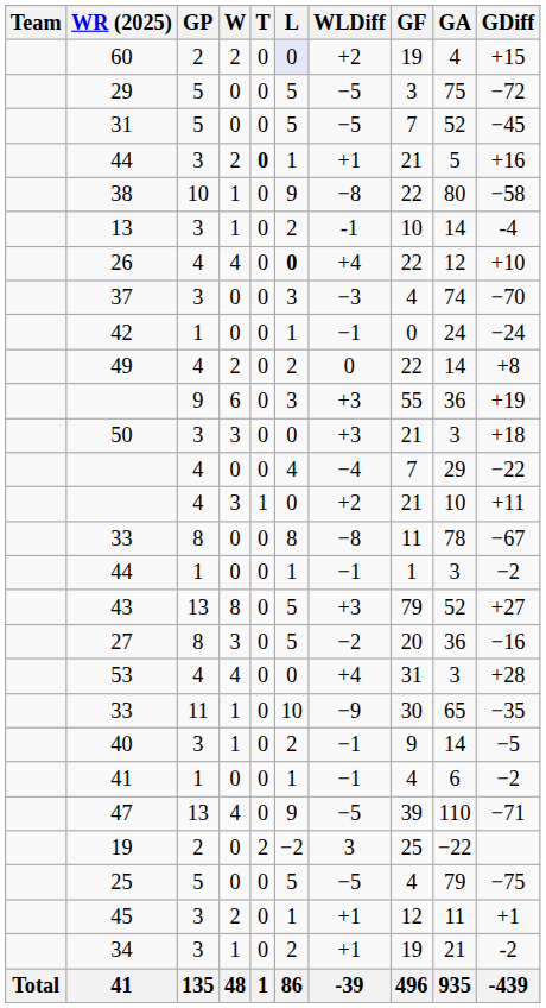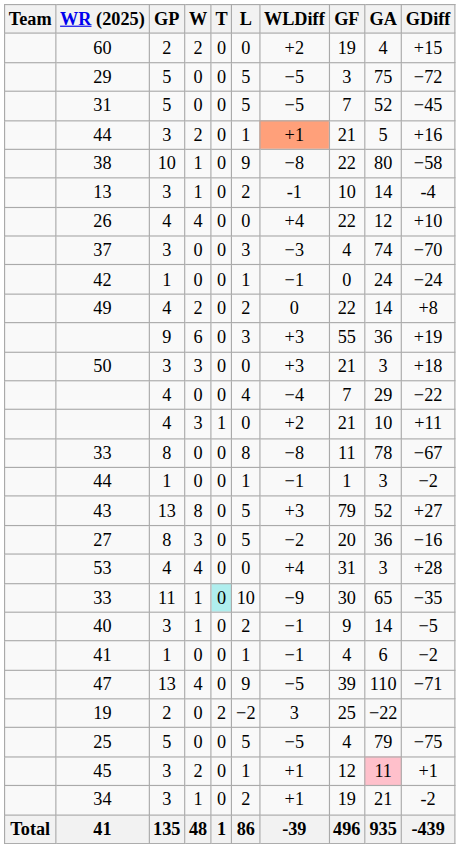 <table class="wikitable sortable">
 <tr>
 <th>Team</th>
 <th><a href='#'>WR</a> (2025)</th>
 <th>GP</th>
 <th>W</th>
 <th>T</th>
 <th>L</th>
 <th>WLDiff</th>
 <th>GF</th>
 <th>GA</th>
 <th>GDiff</th>
 </tr>
 <tr align=center>
 <td align=left></td>
 <td>60</td>
 <td>2</td>
 <td>2</td>
 <td>0</td>
-<td style="background: lavender;">0</td>
+<td>0</td>
 <td>+2</td>
 <td>19</td>
 <td>4</td>
 <td>+15</td>
 </tr>
 <tr align=center>
 <td align=left></td>
 <td>29</td>
 <td>5</td>
 <td>0</td>
 <td>0</td>
 <td>5</td>
 <td>−5</td>
 <td>3</td>
 <td>75</td>
 <td>−72</td>
 </tr>
 <tr align=center>
 <td align=left></td>
 <td>31</td>
 <td>5</td>
 <td>0</td>
 <td>0</td>
 <td>5</td>
 <td>−5</td>
 <td>7</td>
 <td>52</td>
 <td>−45</td>
 </tr>
 <tr align=center>
 <td align=left></td>
 <td>44</td>
 <td>3</td>
 <td>2</td>
-<td><strong>0</strong></td>
+<td>0</td>
 <td>1</td>
-<td>+1</td>
+<td style="background: lightsalmon;">+1</td>
 <td>21</td>
 <td>5</td>
 <td>+16</td>
 </tr>
 <tr align=center>
 <td align=left></td>
 <td>38</td>
 <td>10</td>
 <td>1</td>
 <td>0</td>
 <td>9</td>
 <td>−8</td>
 <td>22</td>
 <td>80</td>
 <td>−58</td>
 </tr>
 <tr align=center>
 <td align=left></td>
 <td>13</td>
 <td>3</td>
 <td>1</td>
 <td>0</td>
 <td>2</td>
 <td>-1</td>
 <td>10</td>
 <td>14</td>
 <td>-4</td>
 </tr>
 <tr align=center>
 <td align=left></td>
 <td>26</td>
 <td>4</td>
 <td>4</td>
 <td>0</td>
-<td><strong>0</strong></td>
+<td>0</td>
 <td>+4</td>
 <td>22</td>
 <td>12</td>
 <td>+10</td>
 </tr>
 <tr align=center>
 <td align=left></td>
 <td>37</td>
 <td>3</td>
 <td>0</td>
 <td>0</td>
 <td>3</td>
 <td>−3</td>
 <td>4</td>
 <td>74</td>
 <td>−70</td>
 </tr>
 <tr align=center>
 <td align=left></td>
 <td>42</td>
 <td>1</td>
 <td>0</td>
 <td>0</td>
 <td>1</td>
 <td>−1</td>
 <td>0</td>
 <td>24</td>
 <td>−24</td>
 </tr>
 <tr align=center>
 <td align=left></td>
 <td>49</td>
 <td>4</td>
 <td>2</td>
 <td>0</td>
 <td>2</td>
 <td>0</td>
 <td>22</td>
 <td>14</td>
 <td>+8</td>
 </tr>
 <tr align=center>
 <td align=left></td>
 <td></td>
 <td>9</td>
 <td>6</td>
 <td>0</td>
 <td>3</td>
 <td>+3</td>
 <td>55</td>
 <td>36</td>
 <td>+19</td>
 </tr>
 <tr align=center>
 <td align=left></td>
 <td>50</td>
 <td>3</td>
 <td>3</td>
 <td>0</td>
 <td>0</td>
 <td>+3</td>
 <td>21</td>
 <td>3</td>
 <td>+18</td>
 </tr>
 <tr align=center>
 <td align=left></td>
 <td></td>
 <td>4</td>
 <td>0</td>
 <td>0</td>
 <td>4</td>
 <td>−4</td>
 <td>7</td>
 <td>29</td>
 <td>−22</td>
 </tr>
 <tr align=center>
 <td align=left></td>
 <td></td>
 <td>4</td>
 <td>3</td>
 <td>1</td>
 <td>0</td>
 <td>+2</td>
 <td>21</td>
 <td>10</td>
 <td>+11</td>
 </tr>
 <tr align=center>
 <td align=left></td>
 <td>33</td>
 <td>8</td>
 <td>0</td>
 <td>0</td>
 <td>8</td>
 <td>−8</td>
 <td>11</td>
 <td>78</td>
 <td>−67</td>
 </tr>
 <tr align=center>
 <td align=left></td>
 <td>44</td>
 <td>1</td>
 <td>0</td>
 <td>0</td>
 <td>1</td>
 <td>−1</td>
 <td>1</td>
 <td>3</td>
 <td>−2</td>
 </tr>
 <tr align=center>
 <td align=left></td>
 <td>43</td>
 <td>13</td>
 <td>8</td>
 <td>0</td>
 <td>5</td>
 <td>+3</td>
 <td>79</td>
 <td>52</td>
 <td>+27</td>
 </tr>
 <tr align=center>
 <td align=left></td>
 <td>27</td>
 <td>8</td>
 <td>3</td>
 <td>0</td>
 <td>5</td>
 <td>−2</td>
 <td>20</td>
 <td>36</td>
 <td>−16</td>
 </tr>
 <tr align=center>
 <td align=left></td>
 <td>53</td>
 <td>4</td>
 <td>4</td>
 <td>0</td>
 <td>0</td>
 <td>+4</td>
 <td>31</td>
 <td>3</td>
 <td>+28</td>
 </tr>
 <tr align=center>
 <td align=left></td>
 <td>33</td>
 <td>11</td>
 <td>1</td>
-<td>0</td>
+<td style="background: paleturquoise;">0</td>
 <td>10</td>
 <td>−9</td>
 <td>30</td>
 <td>65</td>
 <td>−35</td>
 </tr>
 <tr align=center>
 <td align=left></td>
 <td>40</td>
 <td>3</td>
 <td>1</td>
 <td>0</td>
 <td>2</td>
 <td>−1</td>
 <td>9</td>
 <td>14</td>
 <td>−5</td>
 </tr>
 <tr align=center>
 <td align=left></td>
 <td>41</td>
 <td>1</td>
 <td>0</td>
 <td>0</td>
 <td>1</td>
 <td>−1</td>
 <td>4</td>
 <td>6</td>
 <td>−2</td>
 </tr>
 <tr align=center>
 <td align=left></td>
 <td>47</td>
 <td>13</td>
 <td>4</td>
 <td>0</td>
 <td>9</td>
 <td>−5</td>
 <td>39</td>
 <td>110</td>
 <td>−71</td>
 </tr>
 <tr align=center>
 <td align=left></td>
 <td>19</td>
 <td>2</td>
 <td>0</td>
 <td 0>2</td>
 <td>−2</td>
 <td>3</td>
 <td>25</td>
 <td>−22</td>
 </tr>
 <tr align=center>
 <td align=left></td>
 <td>25</td>
 <td>5</td>
 <td>0</td>
 <td>0</td>
 <td>5</td>
 <td>−5</td>
 <td>4</td>
 <td>79</td>
 <td>−75</td>
 </tr>
 <tr align=center>
 <td align=left></td>
 <td>45</td>
 <td>3</td>
 <td>2</td>
 <td>0</td>
 <td>1</td>
 <td>+1</td>
 <td>12</td>
-<td>11</td>
+<td style="background: pink;">11</td>
 <td>+1</td>
 </tr>
 <tr align=center>
 <td align=left></td>
 <td>34</td>
 <td>3</td>
 <td>1</td>
 <td>0</td>
 <td>2</td>
 <td>+1</td>
 <td>19</td>
 <td>21</td>
 <td>-2</td>
 </tr>
 <tr>
 <th>Total</th>
 <th>41</th>
 <th>135</th>
 <th>48</th>
 <th>1</th>
 <th>86</th>
 <th>-39</th>
 <th>496</th>
 <th>935</th>
 <th>-439</th>
 </tr>
 </table>
